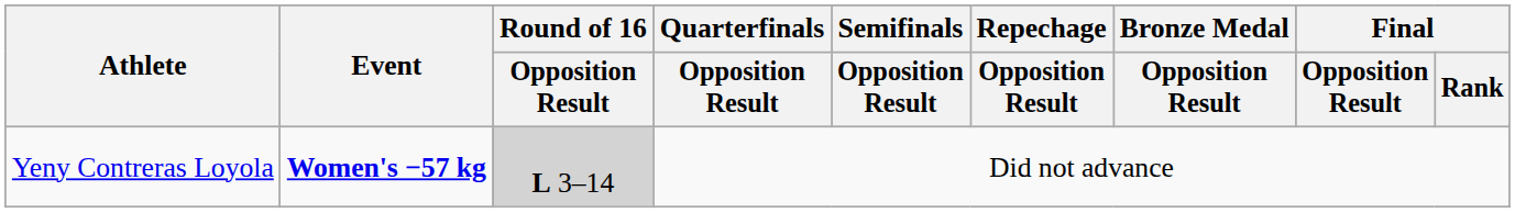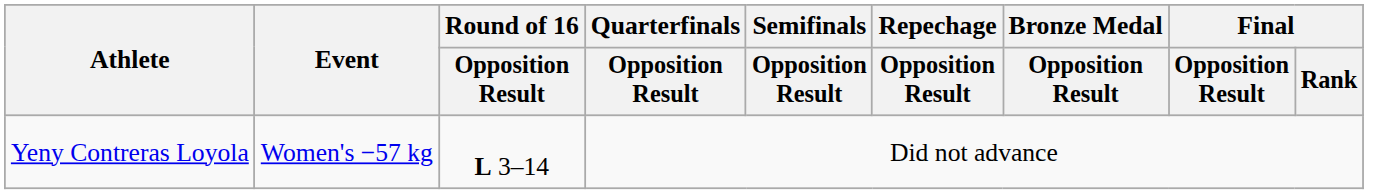 <table class="wikitable" style="font-size:90%">
 <tr>
 <th rowspan="2">Athlete</th>
 <th rowspan="2">Event</th>
 <th>Round of 16</th>
 <th>Quarterfinals</th>
 <th>Semifinals</th>
 <th>Repechage</th>
 <th>Bronze Medal</th>
 <th colspan=2>Final</th>
 </tr>
 <tr style="font-size:95%">
 <th>Opposition<br>Result</th>
 <th>Opposition<br>Result</th>
 <th>Opposition<br>Result</th>
 <th>Opposition<br>Result</th>
 <th>Opposition<br>Result</th>
 <th>Opposition<br>Result</th>
 <th>Rank</th>
 </tr>
 <tr align=center>
 <td align=left><a href='#'>Yeny Contreras Loyola</a></td>
-<td align=left><strong><a href='#'>Women's −57 kg</a></strong></td>
-<td style="background: lightgrey;"><br><strong>L</strong> 3–14 </td>
+<td align=left><a href='#'>Women's −57 kg</a></td>
+<td><br><strong>L</strong> 3–14 </td>
 <td colspan=6>Did not advance</td>
 </tr>
 </table>
